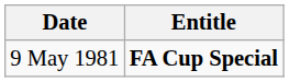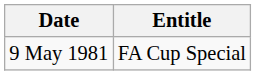 <table class="wikitable" style="text-align:center;">
 <tr>
 <th>Date</th>
 <th>Entitle</th>
 </tr>
 <tr>
 <td>9 May 1981</td>
-<td><strong>FA Cup Special</strong></td>
+<td>FA Cup Special</td>
 </tr>
 </table>
